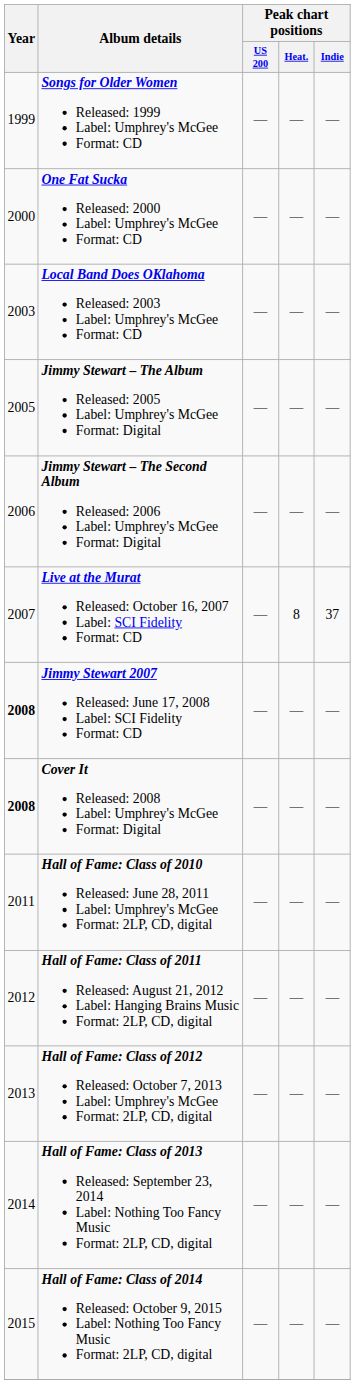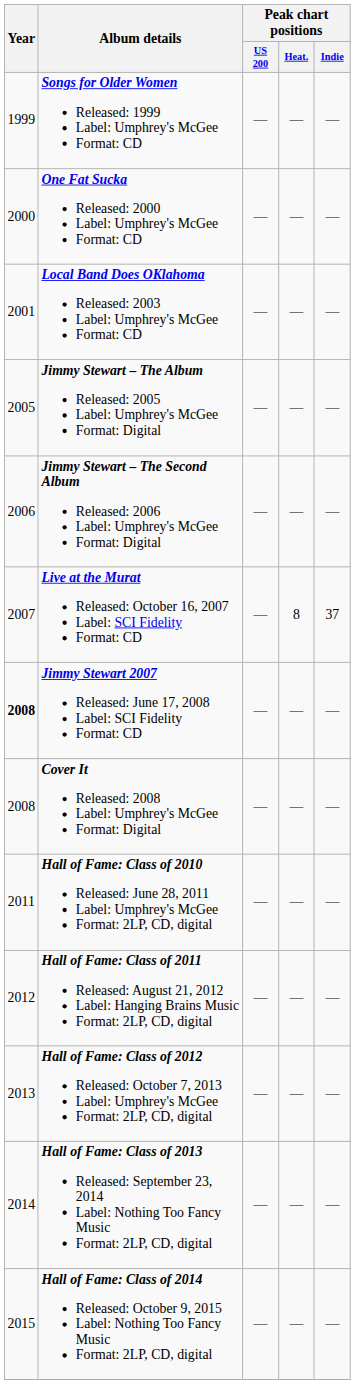 <table class="wikitable">
 <tr>
 <th rowspan="2">Year</th>
 <th rowspan="2" style="width:230px;">Album details</th>
 <th colspan="3">Peak chart positions</th>
 </tr>
 <tr>
 <th style="width:3em;font-size:75%"><a href='#'>US 200</a><br></th>
 <th style="width:3em;font-size:75%"><a href='#'>Heat.</a><br></th>
 <th style="width:3em;font-size:75%"><a href='#'>Indie</a><br></th>
 </tr>
 <tr>
 <td align="center">1999</td>
 <td><strong><em><a href='#'>Songs for Older Women</a></em></strong><br><ul><li>Released: 1999</li><li>Label: Umphrey's McGee</li><li>Format: CD</li></ul></td>
 <td style="text-align:center;">—</td>
 <td style="text-align:center;">—</td>
 <td style="text-align:center;">—</td>
 </tr>
 <tr>
 <td align="center">2000</td>
 <td><strong><em><a href='#'>One Fat Sucka</a></em></strong><br><ul><li>Released: 2000</li><li>Label: Umphrey's McGee</li><li>Format: CD</li></ul></td>
 <td style="text-align:center;">—</td>
 <td style="text-align:center;">—</td>
 <td style="text-align:center;">—</td>
 </tr>
 <tr>
-<td align="center">2003</td>
+<td align="center">2001</td>
 <td><strong><em><a href='#'>Local Band Does OKlahoma</a></em></strong><br><ul><li>Released: 2003</li><li>Label: Umphrey's McGee</li><li>Format: CD</li></ul></td>
 <td style="text-align:center;">—</td>
 <td style="text-align:center;">—</td>
 <td style="text-align:center;">—</td>
 </tr>
 <tr>
 <td align="center">2005</td>
 <td><strong><em>Jimmy Stewart – The Album</em></strong><br><ul><li>Released: 2005</li><li>Label: Umphrey's McGee</li><li>Format: Digital</li></ul></td>
 <td style="text-align:center;">—</td>
 <td style="text-align:center;">—</td>
 <td style="text-align:center;">—</td>
 </tr>
 <tr>
 <td align="center">2006</td>
 <td><strong><em>Jimmy Stewart – The Second Album</em></strong><br><ul><li>Released: 2006</li><li>Label: Umphrey's McGee</li><li>Format: Digital</li></ul></td>
 <td style="text-align:center;">—</td>
 <td style="text-align:center;">—</td>
 <td style="text-align:center;">—</td>
 </tr>
 <tr>
 <td align="center">2007</td>
 <td><strong><em><a href='#'>Live at the Murat</a></em></strong><br><ul><li>Released: October 16, 2007</li><li>Label: <a href='#'>SCI Fidelity</a></li><li>Format: CD</li></ul></td>
 <td style="text-align:center;">—</td>
 <td style="text-align:center;">8</td>
 <td style="text-align:center;">37</td>
 </tr>
 <tr>
 <td align="center"><strong>2008</strong></td>
 <td><strong><em><a href='#'>Jimmy Stewart 2007</a></em></strong><br><ul><li>Released: June 17, 2008</li><li>Label: SCI Fidelity</li><li>Format: CD</li></ul></td>
 <td style="text-align:center;">—</td>
 <td style="text-align:center;">—</td>
 <td style="text-align:center;">—</td>
 </tr>
 <tr>
-<td align="center"><strong>2008</strong></td>
+<td align="center">2008</td>
 <td><strong><em>Cover It</em></strong><br><ul><li>Released: 2008</li><li>Label: Umphrey's McGee</li><li>Format: Digital</li></ul></td>
 <td style="text-align:center;">—</td>
 <td style="text-align:center;">—</td>
 <td style="text-align:center;">—</td>
 </tr>
 <tr>
 <td align="center">2011</td>
 <td><strong><em>Hall of Fame: Class of 2010</em></strong><br><ul><li>Released: June 28, 2011</li><li>Label: Umphrey's McGee</li><li>Format: 2LP, CD, digital</li></ul></td>
 <td style="text-align:center;">—</td>
 <td style="text-align:center;">—</td>
 <td style="text-align:center;">—</td>
 </tr>
 <tr>
 <td align="center">2012</td>
 <td><strong><em>Hall of Fame: Class of 2011</em></strong><br><ul><li>Released: August 21, 2012</li><li>Label: Hanging Brains Music</li><li>Format: 2LP, CD, digital</li></ul></td>
 <td style="text-align:center;">—</td>
 <td style="text-align:center;">—</td>
 <td style="text-align:center;">—</td>
 </tr>
 <tr>
 <td align="center">2013</td>
 <td><strong><em>Hall of Fame: Class of 2012</em></strong><br><ul><li>Released: October 7, 2013</li><li>Label: Umphrey's McGee</li><li>Format: 2LP, CD, digital</li></ul></td>
 <td style="text-align:center;">—</td>
 <td style="text-align:center;">—</td>
 <td style="text-align:center;">—</td>
 </tr>
 <tr>
 <td align="center">2014</td>
 <td><strong><em>Hall of Fame: Class of 2013</em></strong><br><ul><li>Released: September 23, 2014</li><li>Label: Nothing Too Fancy Music</li><li>Format: 2LP, CD, digital</li></ul></td>
 <td style="text-align:center;">—</td>
 <td style="text-align:center;">—</td>
 <td style="text-align:center;">—</td>
 </tr>
 <tr>
 <td align="center">2015</td>
 <td><strong><em>Hall of Fame: Class of 2014</em></strong><br><ul><li>Released: October 9, 2015</li><li>Label: Nothing Too Fancy Music</li><li>Format: 2LP, CD, digital</li></ul></td>
 <td style="text-align:center;">—</td>
 <td style="text-align:center;">—</td>
 <td style="text-align:center;">—</td>
 </tr>
 <tr>
 </tr>
 </table>
